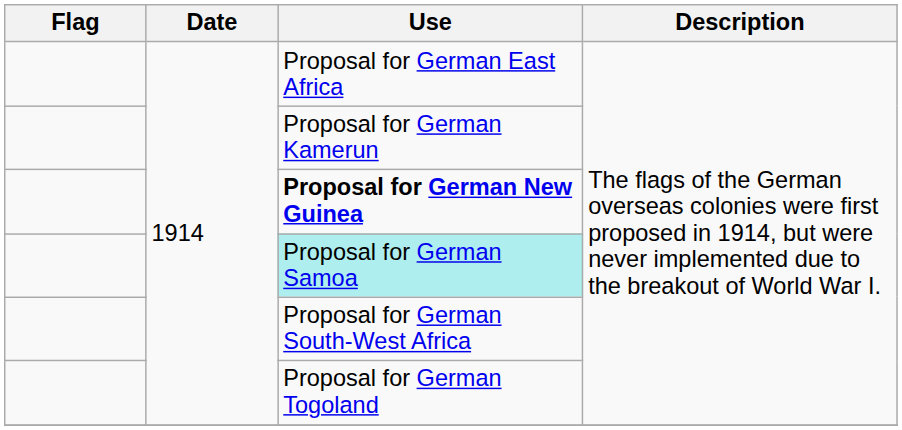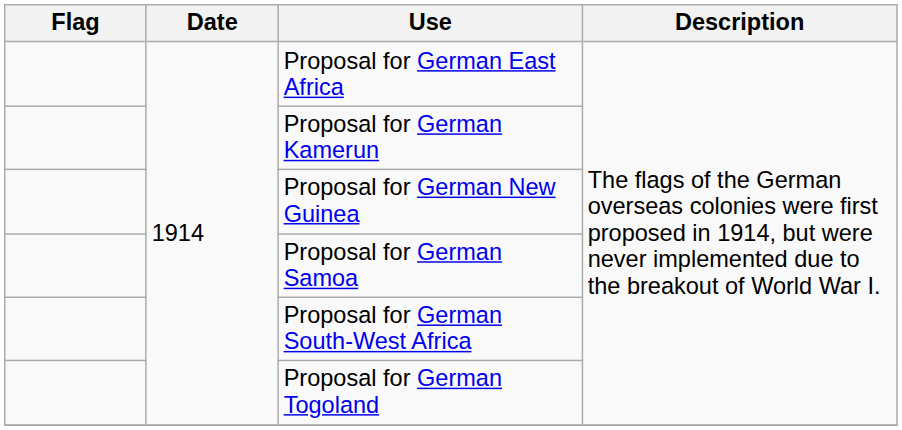 <table class="wikitable">
 <tr>
 <th width="110">Flag</th>
 <th width="100">Date</th>
 <th width="250">Use</th>
 <th width="250">Description</th>
 </tr>
 <tr>
 <td></td>
 <td rowspan="6">1914</td>
 <td>Proposal for <a href='#'>German East Africa</a></td>
 <td rowspan="6">The flags of the German overseas colonies were first proposed in 1914, but were never implemented due to the breakout of World War I.</td>
 </tr>
 <tr>
 <td></td>
 <td>Proposal for <a href='#'>German Kamerun</a></td>
 </tr>
 <tr>
 <td></td>
-<td><strong>Proposal for <a href='#'>German New Guinea</a></strong></td>
+<td>Proposal for <a href='#'>German New Guinea</a></td>
 </tr>
 <tr>
 <td></td>
-<td style="background: paleturquoise;">Proposal for <a href='#'>German Samoa</a></td>
+<td>Proposal for <a href='#'>German Samoa</a></td>
 </tr>
 <tr>
 <td></td>
 <td>Proposal for <a href='#'>German South-West Africa</a></td>
 </tr>
 <tr>
 <td></td>
 <td>Proposal for <a href='#'>German Togoland</a></td>
 </tr>
 <tr>
 </tr>
 </table>
